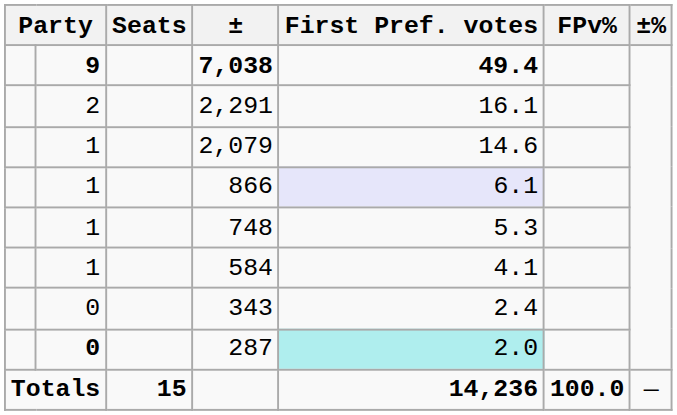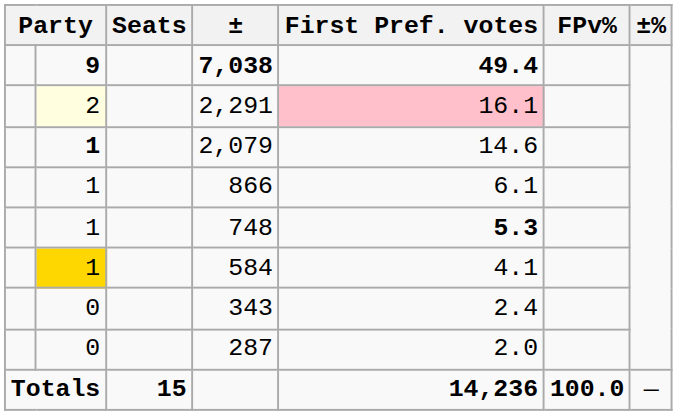 <table class=wikitable>
 <tr>
 <th colspan=2 align=center>Party</th>
 <th valign=top>Seats</th>
 <th valign=top>±</th>
 <th valign=top>First Pref. votes</th>
 <th valign=top>FPv%</th>
 <th valign=top>±%</th>
 </tr>
 <tr>
 <td></td>
 <td align=right><strong>9</strong></td>
 <td align=right></td>
 <td align=right><strong>7,038</strong></td>
 <td align=right><strong>49.4</strong></td>
 <td align=right></td>
 </tr>
 <tr>
 <td></td>
-<td align=right>2</td>
+<td align=right style="background: lightyellow;">2</td>
 <td align=right></td>
 <td align=right>2,291</td>
-<td align=right>16.1</td>
+<td align=right style="background: pink;">16.1</td>
 <td align=right></td>
 </tr>
 <tr>
 <td></td>
-<td align=right>1</td>
+<td align=right><strong>1</strong></td>
 <td align=right></td>
 <td align=right>2,079</td>
 <td align=right>14.6</td>
 <td align=right></td>
 </tr>
 <tr>
 <td></td>
 <td align=right>1</td>
 <td align=right></td>
 <td align=right>866</td>
-<td align=right style="background: lavender;">6.1</td>
+<td align=right>6.1</td>
 <td align=right></td>
 </tr>
 <tr>
 <td></td>
 <td align=right>1</td>
 <td align=right></td>
 <td align=right>748</td>
-<td align=right>5.3</td>
+<td align=right><strong>5.3</strong></td>
 <td align=right></td>
 </tr>
 <tr>
 <td></td>
-<td align=right>1</td>
+<td align=right style="background: gold;">1</td>
 <td align=right></td>
 <td align=right>584</td>
 <td align=right>4.1</td>
 <td align=right></td>
 </tr>
 <tr>
 <td></td>
 <td align=right>0</td>
 <td align=right></td>
 <td align=right>343</td>
 <td align=right>2.4</td>
 <td align=right></td>
 </tr>
 <tr>
 <td></td>
-<td align=right><strong>0</strong></td>
+<td align=right>0</td>
 <td align=right></td>
 <td align=right>287</td>
-<td align=right style="background: paleturquoise;">2.0</td>
+<td align=right>2.0</td>
 <td align=right></td>
 </tr>
 <tr>
 <td colspan=2 align=center><strong>Totals</strong></td>
 <td align=right><strong>15</strong></td>
 <td align=center></td>
 <td align=right><strong>14,236</strong></td>
 <td align=center><strong>100.0</strong></td>
 <td align=center>—</td>
 </tr>
 </table>
